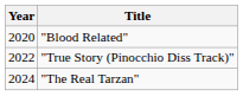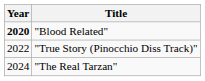 <table class="wikitable sortable">
 <tr>
 <th>Year</th>
 <th>Title</th>
 </tr>
 <tr>
-<td>2020</td>
+<td><strong>2020</strong></td>
 <td>"Blood Related"</td>
 </tr>
 <tr>
 <td>2022</td>
 <td>"True Story (Pinocchio Diss Track)"</td>
 </tr>
 <tr>
 <td>2024</td>
 <td>"The Real Tarzan"</td>
 </tr>
 </table>
